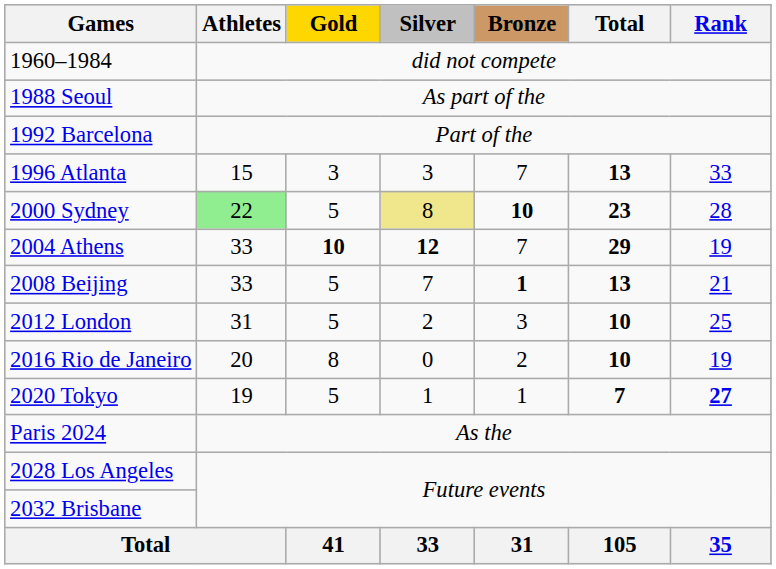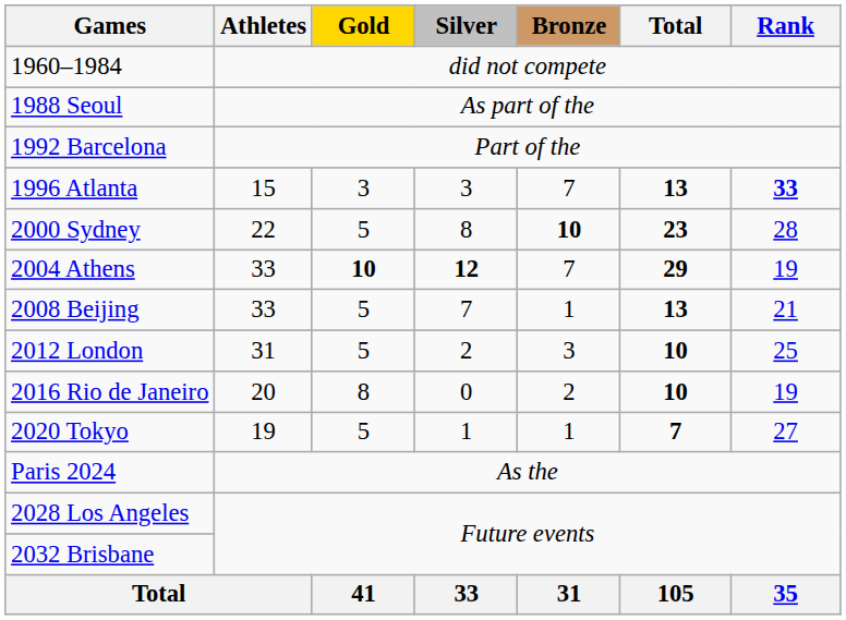 <table class="wikitable" style="text-align:center; font-size:90%;">
 <tr>
 <th>Games</th>
 <th>Athletes</th>
 <td style="background:gold; width:3.7em; font-weight:bold;">Gold</td>
 <td style="background:silver; width:3.7em; font-weight:bold;">Silver</td>
 <td style="background:#cc9966; width:3.7em; font-weight:bold;">Bronze</td>
 <th style="width:4em; font-weight:bold;">Total</th>
 <th style="width:4em; font-weight:bold;"><a href='#'>Rank</a></th>
 </tr>
 <tr>
 <td align=left>1960–1984</td>
 <td colspan=6><em>did not compete</em></td>
 </tr>
 <tr>
 <td align=left> <a href='#'>1988 Seoul</a></td>
 <td colspan=6><em>As part of the </em></td>
 </tr>
 <tr>
 <td align=left> <a href='#'>1992 Barcelona</a></td>
 <td colspan=6><em>Part of the </em></td>
 </tr>
 <tr>
 <td align=left> <a href='#'>1996 Atlanta</a></td>
 <td>15</td>
 <td>3</td>
 <td>3</td>
 <td>7</td>
 <td><strong>13</strong></td>
-<td><a href='#'>33</a></td>
+<td><strong><a href='#'>33</a></strong></td>
 </tr>
 <tr>
 <td align=left> <a href='#'>2000 Sydney</a></td>
-<td style="background: lightgreen;">22</td>
+<td>22</td>
 <td>5</td>
-<td style="background: khaki;">8</td>
+<td>8</td>
 <td><strong>10</strong></td>
 <td><strong>23</strong></td>
 <td><a href='#'>28</a></td>
 </tr>
 <tr>
 <td align=left> <a href='#'>2004 Athens</a></td>
 <td>33</td>
 <td><strong>10</strong></td>
 <td><strong>12</strong></td>
 <td>7</td>
 <td><strong>29</strong></td>
 <td><a href='#'>19</a></td>
 </tr>
 <tr>
 <td align=left> <a href='#'>2008 Beijing</a></td>
 <td>33</td>
 <td>5</td>
 <td>7</td>
-<td><strong>1</strong></td>
+<td>1</td>
 <td><strong>13</strong></td>
 <td><a href='#'>21</a></td>
 </tr>
 <tr>
 <td align=left> <a href='#'>2012 London</a></td>
 <td>31</td>
 <td>5</td>
 <td>2</td>
 <td>3</td>
 <td><strong>10</strong></td>
 <td><a href='#'>25</a></td>
 </tr>
 <tr>
 <td align=left> <a href='#'>2016 Rio de Janeiro</a></td>
 <td>20</td>
 <td>8</td>
 <td>0</td>
 <td>2</td>
 <td><strong>10</strong></td>
 <td><a href='#'>19</a></td>
 </tr>
 <tr>
 <td align=left> <a href='#'>2020 Tokyo</a></td>
 <td>19</td>
 <td>5</td>
 <td>1</td>
 <td>1</td>
 <td><strong>7</strong></td>
-<td><strong><a href='#'>27</a></strong></td>
+<td><a href='#'>27</a></td>
 </tr>
 <tr>
 <td align="left"> <a href='#'>Paris 2024</a></td>
 <td colspan=6><em>As the </em></td>
 </tr>
 <tr>
 <td align=left> <a href='#'>2028 Los Angeles</a></td>
 <td colspan=6 rowspan=2><em>Future events</em></td>
 </tr>
 <tr>
 <td align=left> <a href='#'>2032 Brisbane</a></td>
 </tr>
 <tr>
 <th colspan=2>Total</th>
 <th>41</th>
 <th>33</th>
 <th>31</th>
 <th>105</th>
 <th><a href='#'>35</a></th>
 </tr>
 </table>
